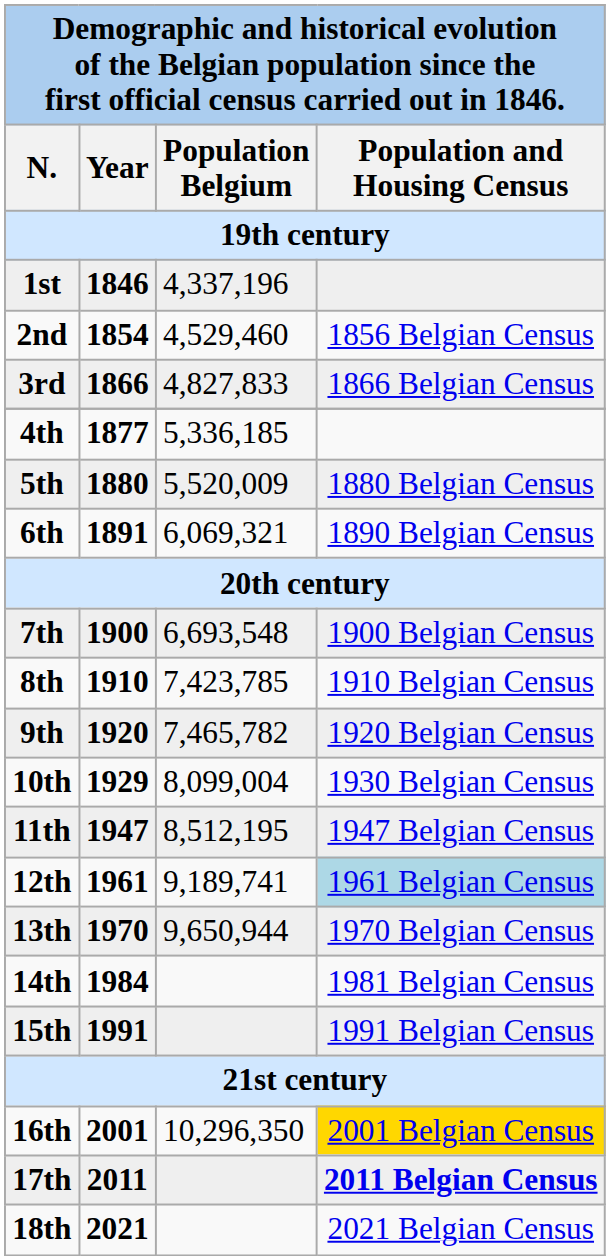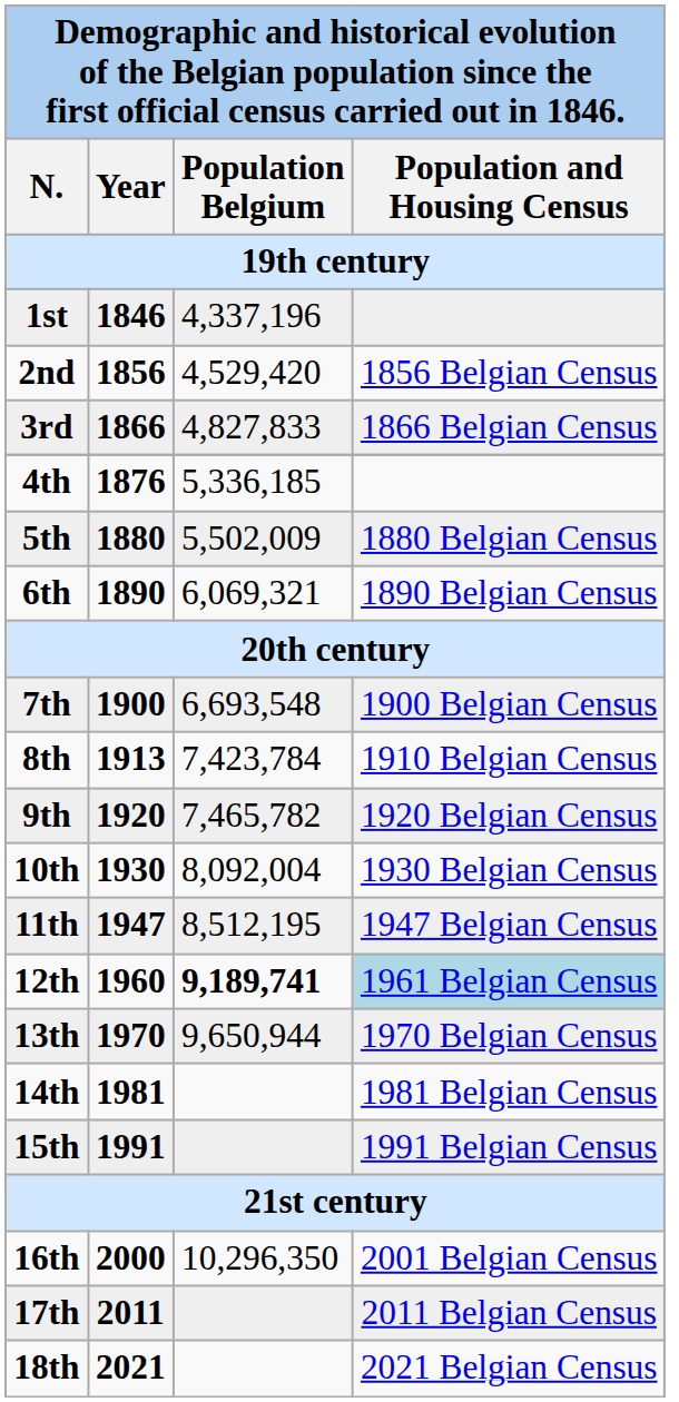 <table class="wikitable">
 <tr>
 <th colspan= "4" style="text-align:center; background:#abcdef;">Demographic and historical evolution <br>of the Belgian population since the <br> first official census carried out in 1846.</th>
 </tr>
 <tr>
 <th>N.</th>
 <th>Year</th>
 <th>Population<br>Belgium</th>
 <th>Population and <br> Housing Census</th>
 </tr>
 <tr align="center">
 <td colspan="4" style="background:#D0E7FF"><strong>19th century</strong></td>
 </tr>
 <tr align="center" style="background:#efefef; color:black">
 <td><strong>1st</strong></td>
 <td><strong>1846</strong></td>
 <td align="left"> 4,337,196</td>
 <td></td>
 </tr>
 <tr align="center">
 <td><strong>2nd</strong></td>
-<td><strong>1854</strong></td>
-<td align="left"> 4,529,460</td>
+<td><strong>1856</strong></td>
+<td align="left"> 4,529,420</td>
 <td><a href='#'>1856 Belgian Census</a></td>
 </tr>
 <tr align="center" style="background:#efefef; color:black">
 <td><strong>3rd</strong></td>
 <td><strong>1866</strong></td>
 <td align="left"> 4,827,833</td>
 <td><a href='#'>1866 Belgian Census</a></td>
 </tr>
 <tr align="center">
 </tr>
 <tr align="center">
 <td><strong>4th</strong></td>
-<td><strong>1877</strong></td>
+<td><strong>1876</strong></td>
 <td align="left"> 5,336,185</td>
 <td></td>
 </tr>
 <tr align="center" style="background:#efefef; color:black">
 <td><strong>5th</strong></td>
 <td><strong>1880</strong></td>
-<td align="left"> 5,520,009</td>
+<td align="left"> 5,502,009</td>
 <td><a href='#'>1880 Belgian Census</a></td>
 </tr>
 <tr align="center">
 <td><strong>6th</strong></td>
-<td><strong>1891</strong></td>
+<td><strong>1890</strong></td>
 <td align="left"> 6,069,321</td>
 <td><a href='#'>1890 Belgian Census</a></td>
 </tr>
 <tr align="center">
 <td colspan="4" style="background:#D0E7FF"><strong>20th century</strong></td>
 </tr>
 <tr align="center" style="background:#efefef; color:black">
 <td><strong>7th</strong></td>
 <td><strong>1900</strong></td>
 <td align="left"> 6,693,548</td>
 <td><a href='#'>1900 Belgian Census</a></td>
 </tr>
 <tr align="center">
 <td><strong>8th</strong></td>
-<td><strong>1910</strong></td>
-<td align="left"> 7,423,785</td>
+<td><strong>1913</strong></td>
+<td align="left"> 7,423,784</td>
 <td><a href='#'>1910 Belgian Census</a></td>
 </tr>
 <tr align="center" style="background:#efefef; color:black">
 <td><strong>9th</strong></td>
 <td><strong>1920</strong></td>
 <td align="left"> 7,465,782</td>
 <td><a href='#'>1920 Belgian Census</a></td>
 </tr>
 <tr align="center">
 <td><strong>10th</strong></td>
-<td><strong>1929</strong></td>
-<td align="left"> 8,099,004</td>
+<td><strong>1930</strong></td>
+<td align="left"> 8,092,004</td>
 <td><a href='#'>1930 Belgian Census</a></td>
 </tr>
 <tr align="center" style="background:#efefef; color:black">
 <td><strong>11th</strong></td>
 <td><strong>1947</strong></td>
 <td align="left"> 8,512,195</td>
 <td><a href='#'>1947 Belgian Census</a></td>
 </tr>
 <tr align="center">
 <td><strong>12th</strong></td>
-<td><strong>1961</strong></td>
-<td align="left"> 9,189,741</td>
+<td><strong>1960</strong></td>
+<td align="left"><strong> 9,189,741</strong></td>
 <td style="background: lightblue;"><a href='#'>1961 Belgian Census</a></td>
 </tr>
 <tr align="center" style="background:#efefef; color:black">
 <td><strong>13th</strong></td>
 <td><strong>1970</strong></td>
 <td align="left"> 9,650,944</td>
 <td><a href='#'>1970 Belgian Census</a></td>
 </tr>
 <tr align="center">
 <td><strong>14th</strong></td>
-<td><strong>1984</strong></td>
+<td><strong>1981</strong></td>
 <td align="left"></td>
 <td><a href='#'>1981 Belgian Census</a></td>
 </tr>
 <tr align="center" style="background:#efefef; color:black">
 <td><strong>15th</strong></td>
 <td><strong>1991</strong></td>
 <td align="left"></td>
 <td><a href='#'>1991 Belgian Census</a></td>
 </tr>
 <tr align="center">
 <td colspan="4" style="background:#D0E7FF"><strong>21st century</strong></td>
 </tr>
 <tr align="center">
 <td><strong>16th</strong></td>
-<td><strong>2001</strong></td>
+<td><strong>2000</strong></td>
 <td align="left"> 10,296,350</td>
-<td style="background: gold;"><a href='#'>2001 Belgian Census</a></td>
+<td><a href='#'>2001 Belgian Census</a></td>
 </tr>
 <tr align="center" style="background:#efefef; color:black">
 <td><strong>17th</strong></td>
 <td><strong>2011</strong></td>
 <td align="left"></td>
-<td><strong><a href='#'>2011 Belgian Census</a></strong></td>
+<td><a href='#'>2011 Belgian Census</a></td>
 </tr>
 <tr align="center">
 <td><strong>18th</strong></td>
 <td><strong>2021</strong></td>
 <td align="left"></td>
 <td><a href='#'>2021 Belgian Census</a></td>
 </tr>
 </table>
